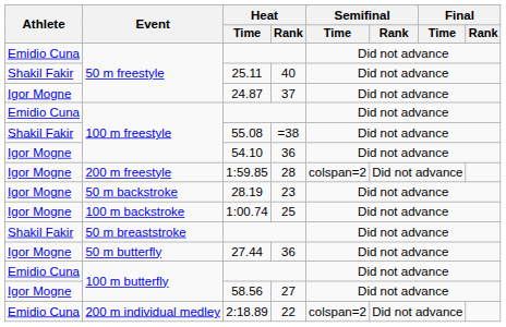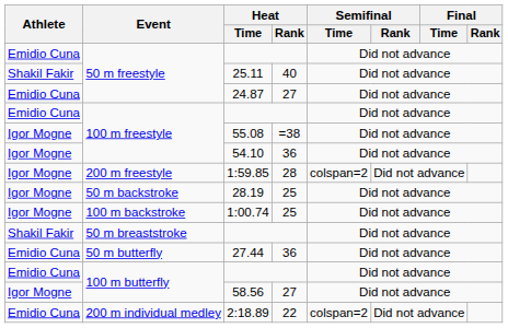 <table class=wikitable style=font-size:90%>
 <tr>
 <th rowspan=2>Athlete</th>
 <th rowspan=2>Event</th>
 <th colspan=2>Heat</th>
 <th colspan=2>Semifinal</th>
 <th colspan=2>Final</th>
 </tr>
 <tr style=font-size:95%>
 <th>Time</th>
 <th>Rank</th>
 <th>Time</th>
 <th>Rank</th>
 <th>Time</th>
 <th>Rank</th>
 </tr>
 <tr align=center>
 <td align=left><a href='#'>Emidio Cuna</a></td>
 <td align=left rowspan=3><a href='#'>50 m freestyle</a></td>
 <td colspan=2></td>
 <td colspan=4>Did not advance</td>
 </tr>
 <tr align=center>
 <td align=left><a href='#'>Shakil Fakir</a></td>
 <td>25.11</td>
 <td>40</td>
 <td colspan=4>Did not advance</td>
 </tr>
 <tr align=center>
-<td align=left><a href='#'>Igor Mogne</a></td>
+<td align=left><a href='#'>Emidio Cuna</a></td>
 <td>24.87</td>
-<td>37</td>
+<td>27</td>
 <td colspan=4>Did not advance</td>
 </tr>
 <tr align=center>
 <td align=left><a href='#'>Emidio Cuna</a></td>
 <td align=left rowspan=3><a href='#'>100 m freestyle</a></td>
 <td colspan=2></td>
 <td colspan=4>Did not advance</td>
 </tr>
 <tr align=center>
-<td align=left><a href='#'>Shakil Fakir</a></td>
+<td align=left><a href='#'>Igor Mogne</a></td>
 <td>55.08</td>
 <td>=38</td>
 <td colspan=4>Did not advance</td>
 </tr>
 <tr align=center>
 <td align=left><a href='#'>Igor Mogne</a></td>
 <td>54.10</td>
 <td>36</td>
 <td colspan=4>Did not advance</td>
 </tr>
 <tr align=center>
 <td align=left><a href='#'>Igor Mogne</a></td>
 <td align=left><a href='#'>200 m freestyle</a></td>
 <td>1:59.85</td>
 <td>28</td>
 <td>colspan=2 </td>
 <td colspan=2>Did not advance</td>
 </tr>
 <tr align=center>
 <td align=left><a href='#'>Igor Mogne</a></td>
 <td align=left><a href='#'>50 m backstroke</a></td>
 <td>28.19</td>
-<td>23</td>
+<td>25</td>
 <td colspan=4>Did not advance</td>
 </tr>
 <tr align=center>
 <td align=left><a href='#'>Igor Mogne</a></td>
 <td align=left><a href='#'>100 m backstroke</a></td>
 <td>1:00.74</td>
 <td>25</td>
 <td colspan=4>Did not advance</td>
 </tr>
 <tr align=center>
 <td align=left><a href='#'>Shakil Fakir</a></td>
 <td align=left><a href='#'>50 m breaststroke</a></td>
 <td colspan=2></td>
 <td colspan=4>Did not advance</td>
 </tr>
 <tr align=center>
-<td align=left><a href='#'>Igor Mogne</a></td>
+<td align=left><a href='#'>Emidio Cuna</a></td>
 <td align=left><a href='#'>50 m butterfly</a></td>
 <td>27.44</td>
 <td>36</td>
 <td colspan=4>Did not advance</td>
 </tr>
 <tr align=center>
 <td align=left><a href='#'>Emidio Cuna</a></td>
 <td align=left rowspan=2><a href='#'>100 m butterfly</a></td>
 <td colspan=2></td>
 <td colspan=4>Did not advance</td>
 </tr>
 <tr align=center>
 <td align=left><a href='#'>Igor Mogne</a></td>
 <td>58.56</td>
 <td>27</td>
 <td colspan=4>Did not advance</td>
 </tr>
 <tr align=center>
 <td align=left><a href='#'>Emidio Cuna</a></td>
 <td align=left><a href='#'>200 m individual medley</a></td>
 <td>2:18.89</td>
 <td>22</td>
 <td>colspan=2 </td>
 <td colspan=2>Did not advance</td>
 </tr>
 </table>
